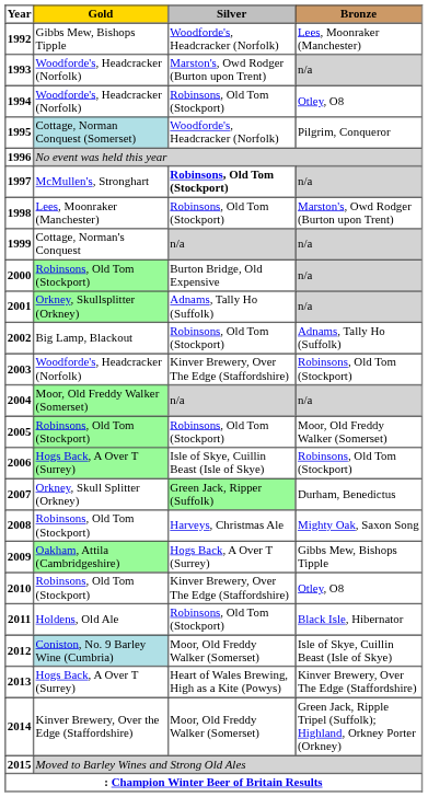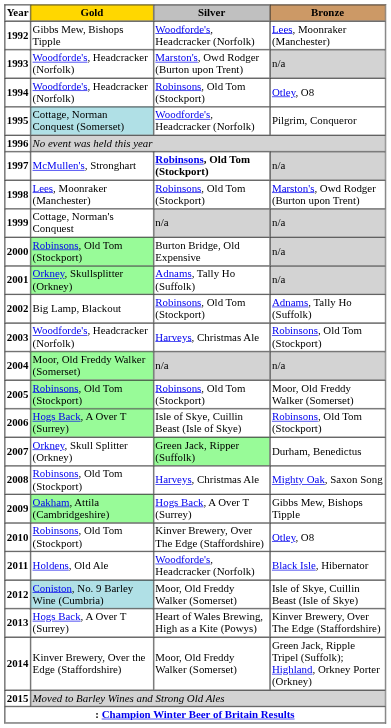 <table | width=90% border=1 cellpadding=2 cellspacing=0>
 <tr>
 <th>Year</th>
 <th style="background:gold;"><strong>Gold</strong></th>
 <th style="background:silver;"><strong>Silver</strong></th>
 <th style="background:#c96;"><strong>Bronze</strong></th>
 </tr>
 <tr>
 <th>1992</th>
 <td>Gibbs Mew, Bishops Tipple</td>
 <td><a href='#'>Woodforde's</a>, Headcracker (Norfolk)</td>
 <td><a href='#'>Lees</a>, Moonraker (Manchester)</td>
 </tr>
 <tr>
 <th>1993</th>
 <td><a href='#'>Woodforde's</a>, Headcracker (Norfolk)</td>
 <td><a href='#'>Marston's</a>, Owd Rodger (Burton upon Trent)</td>
 <td style="background:lightgray;">n/a</td>
 </tr>
 <tr>
 <th>1994</th>
 <td><a href='#'>Woodforde's</a>, Headcracker (Norfolk)</td>
 <td><a href='#'>Robinsons</a>, Old Tom (Stockport)</td>
 <td><a href='#'>Otley</a>, O8</td>
 </tr>
 <tr>
 <th>1995</th>
 <td style="background:powderblue;">Cottage, Norman Conquest (Somerset)</td>
 <td><a href='#'>Woodforde's</a>, Headcracker (Norfolk)</td>
 <td>Pilgrim, Conqueror</td>
 </tr>
 <tr>
 <th>1996</th>
 <td style="background:lightgray;" colspan="3"><em>No event was held this year</em></td>
 </tr>
 <tr>
 <th>1997</th>
 <td><a href='#'>McMullen's</a>, Stronghart</td>
 <td><strong><a href='#'>Robinsons</a>, Old Tom (Stockport)</strong></td>
 <td style="background:lightgray;">n/a</td>
 </tr>
 <tr>
 <th>1998</th>
 <td><a href='#'>Lees</a>, Moonraker (Manchester)</td>
 <td><a href='#'>Robinsons</a>, Old Tom (Stockport)</td>
 <td><a href='#'>Marston's</a>, Owd Rodger (Burton upon Trent)</td>
 </tr>
 <tr>
 <th>1999</th>
 <td>Cottage, Norman's Conquest</td>
 <td style="background:lightgray;">n/a</td>
 <td style="background:lightgray;">n/a</td>
 </tr>
 <tr>
 <th>2000</th>
 <td style="background:palegreen;"><a href='#'>Robinsons</a>, Old Tom (Stockport)</td>
 <td>Burton Bridge, Old Expensive</td>
 <td style="background:lightgray;">n/a</td>
 </tr>
 <tr>
 <th>2001</th>
 <td style="background:palegreen;"><a href='#'>Orkney</a>, Skullsplitter (Orkney)</td>
 <td><a href='#'>Adnams</a>, Tally Ho (Suffolk)</td>
 <td style="background:lightgray;">n/a</td>
 </tr>
 <tr>
 <th>2002</th>
 <td>Big Lamp, Blackout</td>
 <td><a href='#'>Robinsons</a>, Old Tom (Stockport)</td>
 <td><a href='#'>Adnams</a>, Tally Ho (Suffolk)</td>
 </tr>
 <tr>
 <th>2003</th>
 <td><a href='#'>Woodforde's</a>, Headcracker (Norfolk)</td>
-<td>Kinver Brewery, Over The Edge (Staffordshire)</td>
+<td><a href='#'>Harveys</a>, Christmas Ale</td>
 <td><a href='#'>Robinsons</a>, Old Tom (Stockport)</td>
 </tr>
 <tr>
 <th>2004</th>
 <td style="background:palegreen;">Moor, Old Freddy Walker (Somerset)</td>
 <td style="background:lightgray;">n/a</td>
 <td style="background:lightgray;">n/a</td>
 </tr>
 <tr>
 <th>2005</th>
 <td style="background:palegreen;"><a href='#'>Robinsons</a>, Old Tom (Stockport)</td>
 <td><a href='#'>Robinsons</a>, Old Tom (Stockport)</td>
 <td>Moor, Old Freddy Walker (Somerset)</td>
 </tr>
 <tr>
 <th>2006</th>
 <td style="background:palegreen;"><a href='#'>Hogs Back</a>, A Over T (Surrey)</td>
 <td>Isle of Skye, Cuillin Beast (Isle of Skye)</td>
 <td><a href='#'>Robinsons</a>, Old Tom (Stockport)</td>
 </tr>
 <tr>
 <th>2007</th>
 <td><a href='#'>Orkney</a>, Skull Splitter (Orkney)</td>
 <td style="background:palegreen;">Green Jack, Ripper (Suffolk)</td>
 <td>Durham, Benedictus</td>
 </tr>
 <tr>
 <th>2008</th>
 <td><a href='#'>Robinsons</a>, Old Tom (Stockport)</td>
 <td><a href='#'>Harveys</a>, Christmas Ale</td>
 <td><a href='#'>Mighty Oak</a>, Saxon Song</td>
 </tr>
 <tr>
 <th>2009</th>
 <td style="background:palegreen;"><a href='#'>Oakham</a>, Attila (Cambridgeshire)</td>
 <td><a href='#'>Hogs Back</a>, A Over T (Surrey)</td>
 <td>Gibbs Mew, Bishops Tipple</td>
 </tr>
 <tr>
 <th>2010</th>
 <td><a href='#'>Robinsons</a>, Old Tom (Stockport)</td>
 <td>Kinver Brewery, Over The Edge (Staffordshire)</td>
 <td><a href='#'>Otley</a>, O8</td>
 </tr>
 <tr>
 <th>2011</th>
 <td><a href='#'>Holdens</a>, Old Ale</td>
-<td><a href='#'>Robinsons</a>, Old Tom (Stockport)</td>
+<td><a href='#'>Woodforde's</a>, Headcracker (Norfolk)</td>
 <td><a href='#'>Black Isle</a>, Hibernator</td>
 </tr>
 <tr>
 <th>2012</th>
 <td style="background:powderblue;"><a href='#'>Coniston</a>, No. 9 Barley Wine (Cumbria)</td>
 <td>Moor, Old Freddy Walker (Somerset)</td>
 <td>Isle of Skye, Cuillin Beast (Isle of Skye)</td>
 </tr>
 <tr>
 <th>2013</th>
 <td><a href='#'>Hogs Back</a>, A Over T (Surrey)</td>
 <td>Heart of Wales Brewing, High as a Kite (Powys)</td>
 <td>Kinver Brewery, Over The Edge (Staffordshire)</td>
 </tr>
 <tr>
 <th>2014</th>
 <td>Kinver Brewery, Over the Edge (Staffordshire)</td>
 <td>Moor, Old Freddy Walker (Somerset)</td>
 <td>Green Jack, Ripple Tripel (Suffolk);<br> <a href='#'>Highland</a>, Orkney Porter (Orkney)</td>
 </tr>
 <tr>
 <th>2015</th>
 <td style="background:lightgray;" colspan="3"><em>Moved to Barley Wines and Strong Old Ales</em></td>
 </tr>
 <tr>
 <th colspan="4">: <a href='#'>Champion Winter Beer of Britain Results</a></th>
 </tr>
 </table>
